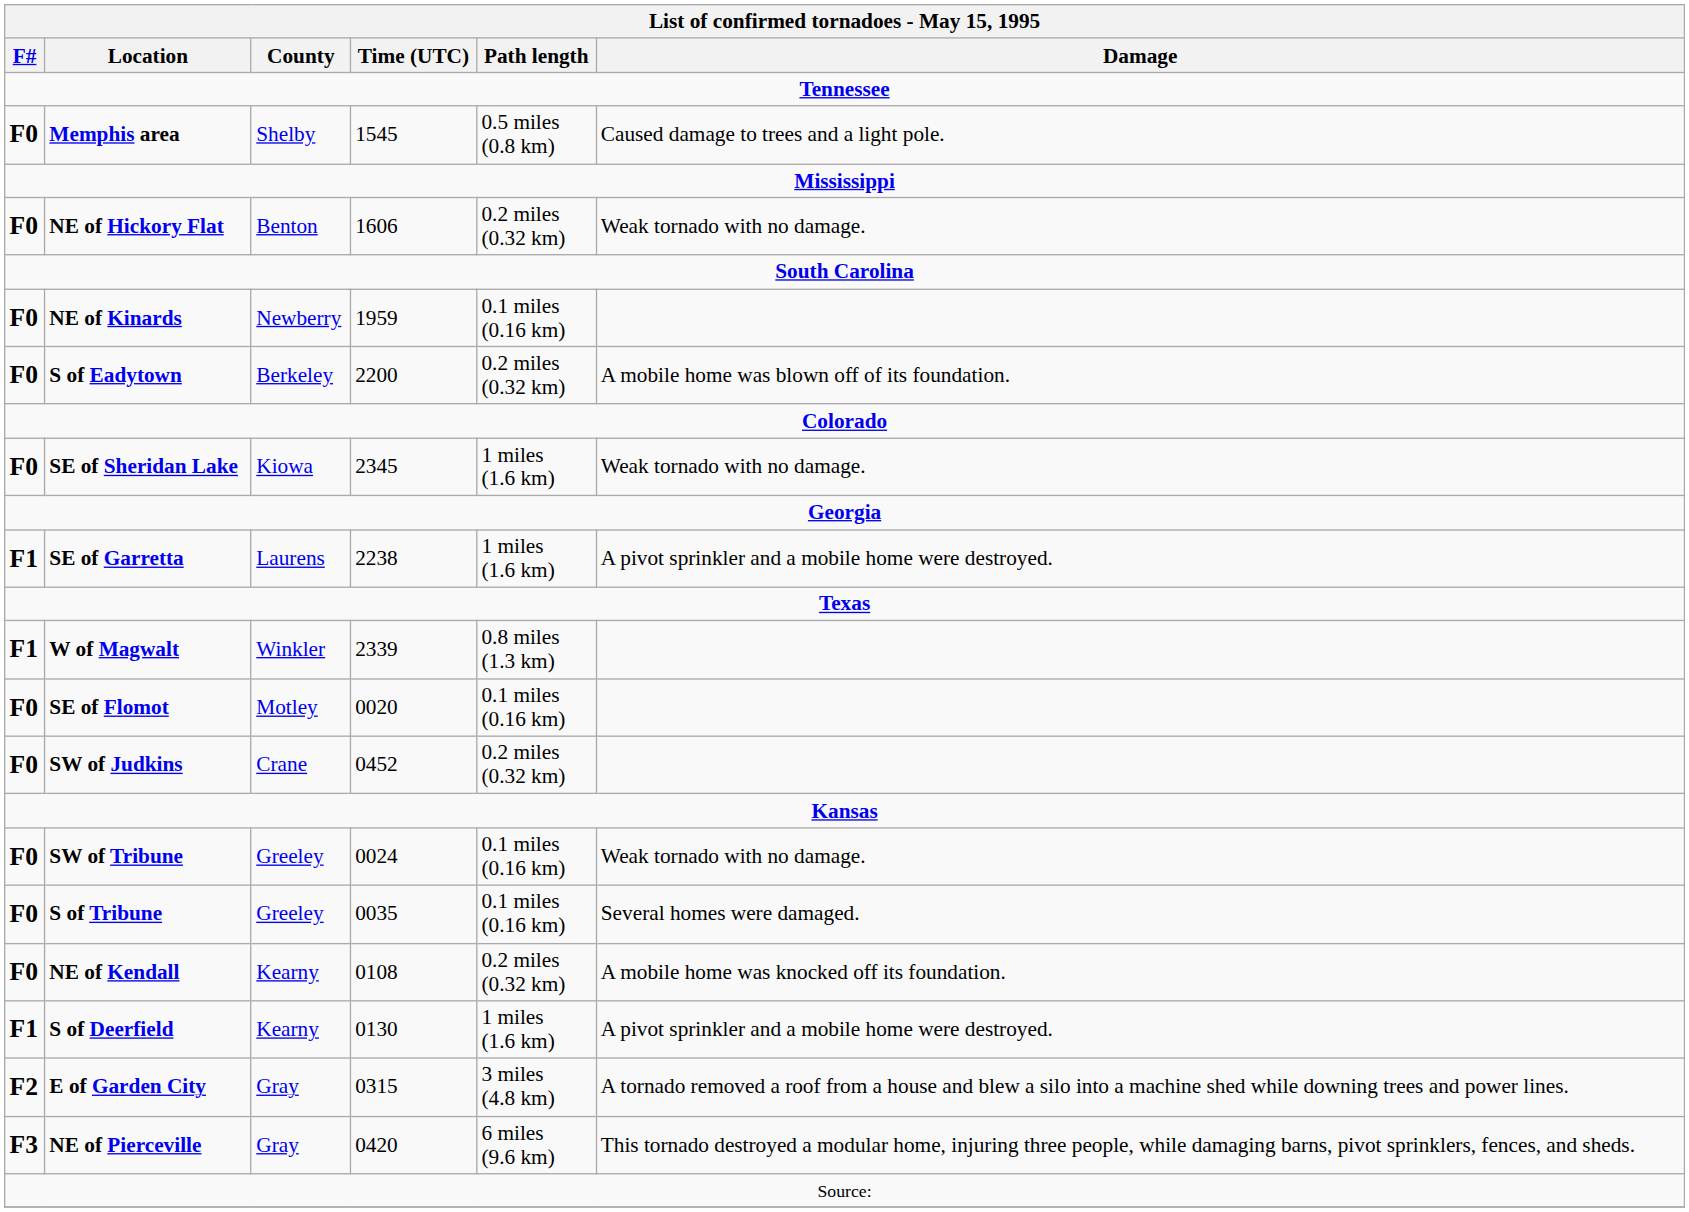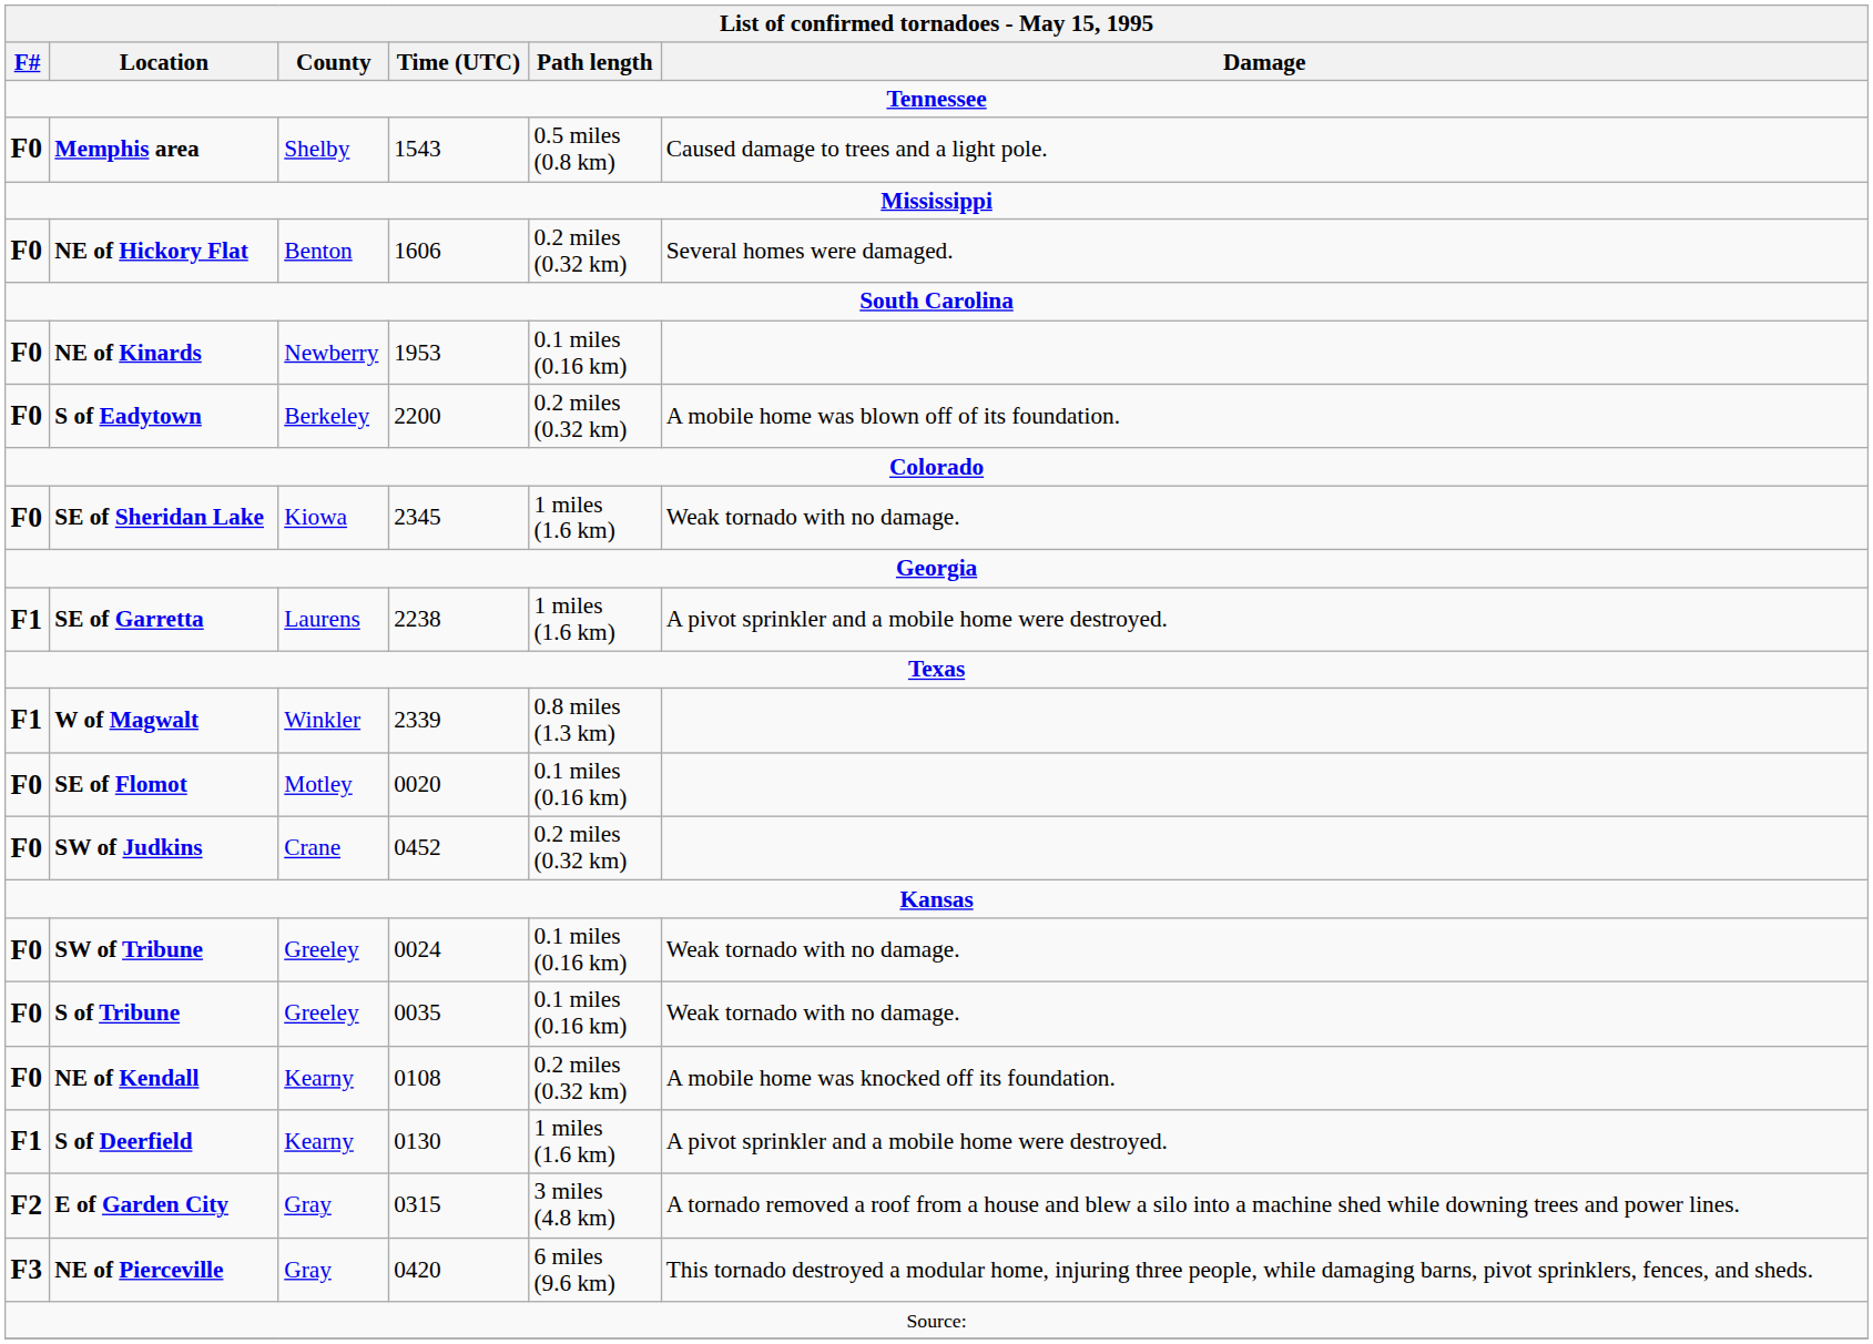 <table class="wikitable collapsible" width="100%">
 <tr>
 <th colspan="6">List of confirmed tornadoes - May 15, 1995</th>
 </tr>
 <tr>
 <th><a href='#'>F#</a></th>
 <th>Location</th>
 <th>County</th>
 <th>Time (UTC)</th>
 <th>Path length</th>
 <th>Damage</th>
 </tr>
 <tr>
 <td colspan="7" align=center><strong><a href='#'>Tennessee</a></strong></td>
 </tr>
 <tr>
 <td><big><strong>F0</strong></big></td>
 <td><strong><a href='#'>Memphis</a> area</strong></td>
 <td><a href='#'>Shelby</a></td>
-<td>1545</td>
+<td>1543</td>
 <td>0.5 miles <br> (0.8 km)</td>
 <td>Caused damage to trees and a light pole.</td>
 </tr>
 <tr>
 <td colspan="7" align=center><strong><a href='#'>Mississippi</a></strong></td>
 </tr>
 <tr>
 <td><big><strong>F0</strong></big></td>
 <td><strong>NE of <a href='#'>Hickory Flat</a></strong></td>
 <td><a href='#'>Benton</a></td>
 <td>1606</td>
 <td>0.2 miles <br> (0.32 km)</td>
-<td>Weak tornado with no damage.</td>
+<td>Several homes were damaged.</td>
 </tr>
 <tr>
 <td colspan="7" align=center><strong><a href='#'>South Carolina</a></strong></td>
 </tr>
 <tr>
 <td><big><strong>F0</strong></big></td>
 <td><strong>NE of <a href='#'>Kinards</a></strong></td>
 <td><a href='#'>Newberry</a></td>
-<td>1959</td>
+<td>1953</td>
 <td>0.1 miles <br> (0.16 km)</td>
 <td></td>
 </tr>
 <tr>
 <td><big><strong>F0</strong></big></td>
 <td><strong>S of <a href='#'>Eadytown</a></strong></td>
 <td><a href='#'>Berkeley</a></td>
 <td>2200</td>
 <td>0.2 miles <br> (0.32 km)</td>
 <td>A mobile home was blown off of its foundation.</td>
 </tr>
 <tr>
 <td colspan="7" align=center><strong><a href='#'>Colorado</a></strong></td>
 </tr>
 <tr>
 <td><big><strong>F0</strong></big></td>
 <td><strong>SE of <a href='#'>Sheridan Lake</a></strong></td>
 <td><a href='#'>Kiowa</a></td>
 <td>2345</td>
 <td>1 miles <br> (1.6 km)</td>
 <td>Weak tornado with no damage.</td>
 </tr>
 <tr>
 <td colspan="7" align=center><strong><a href='#'>Georgia</a></strong></td>
 </tr>
 <tr>
 <td><big><strong>F1</strong></big></td>
 <td><strong>SE of <a href='#'>Garretta</a></strong></td>
 <td><a href='#'>Laurens</a></td>
 <td>2238</td>
 <td>1 miles <br> (1.6 km)</td>
 <td>A pivot sprinkler and a mobile home were destroyed.</td>
 </tr>
 <tr>
 <td colspan="7" align=center><strong><a href='#'>Texas</a></strong></td>
 </tr>
 <tr>
 <td><big><strong>F1</strong></big></td>
 <td><strong>W of <a href='#'>Magwalt</a></strong></td>
 <td><a href='#'>Winkler</a></td>
 <td>2339</td>
 <td>0.8 miles <br> (1.3 km)</td>
 <td></td>
 </tr>
 <tr>
 <td><big><strong>F0</strong></big></td>
 <td><strong>SE of <a href='#'>Flomot</a></strong></td>
 <td><a href='#'>Motley</a></td>
 <td>0020</td>
 <td>0.1 miles <br> (0.16 km)</td>
 <td></td>
 </tr>
 <tr>
 <td><big><strong>F0</strong></big></td>
 <td><strong>SW of <a href='#'>Judkins</a></strong></td>
 <td><a href='#'>Crane</a></td>
 <td>0452</td>
 <td>0.2 miles <br> (0.32 km)</td>
 <td></td>
 </tr>
 <tr>
 <td colspan="7" align=center><strong><a href='#'>Kansas</a></strong></td>
 </tr>
 <tr>
 <td><big><strong>F0</strong></big></td>
 <td><strong>SW of <a href='#'>Tribune</a></strong></td>
 <td><a href='#'>Greeley</a></td>
 <td>0024</td>
 <td>0.1 miles <br> (0.16 km)</td>
 <td>Weak tornado with no damage.</td>
 </tr>
 <tr>
 <td><big><strong>F0</strong></big></td>
 <td><strong>S of <a href='#'>Tribune</a></strong></td>
 <td><a href='#'>Greeley</a></td>
 <td>0035</td>
 <td>0.1 miles <br> (0.16 km)</td>
-<td>Several homes were damaged.</td>
+<td>Weak tornado with no damage.</td>
 </tr>
 <tr>
 <td><big><strong>F0</strong></big></td>
 <td><strong>NE of <a href='#'>Kendall</a></strong></td>
 <td><a href='#'>Kearny</a></td>
 <td>0108</td>
 <td>0.2 miles <br> (0.32 km)</td>
 <td>A mobile home was knocked off its foundation.</td>
 </tr>
 <tr>
 <td><big><strong>F1</strong></big></td>
 <td><strong>S of <a href='#'>Deerfield</a></strong></td>
 <td><a href='#'>Kearny</a></td>
 <td>0130</td>
 <td>1 miles <br> (1.6 km)</td>
 <td>A pivot sprinkler and a mobile home were destroyed.</td>
 </tr>
 <tr>
 <td><big><strong>F2</strong></big></td>
 <td><strong>E of <a href='#'>Garden City</a></strong></td>
 <td><a href='#'>Gray</a></td>
 <td>0315</td>
 <td>3 miles <br> (4.8 km)</td>
 <td>A tornado removed a roof from a house and blew a silo into a machine shed while downing trees and power lines.</td>
 </tr>
 <tr>
 <td><big><strong>F3</strong></big></td>
 <td><strong>NE of <a href='#'>Pierceville</a></strong></td>
 <td><a href='#'>Gray</a></td>
 <td>0420</td>
 <td>6 miles <br> (9.6 km)</td>
 <td>This tornado destroyed a modular home, injuring three people, while damaging barns, pivot sprinklers, fences, and sheds.</td>
 </tr>
 <tr>
 <td colspan="7" align=center><small>Source:  </small></td>
 </tr>
 <tr>
 </tr>
 </table>
